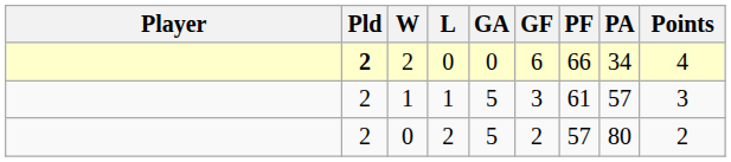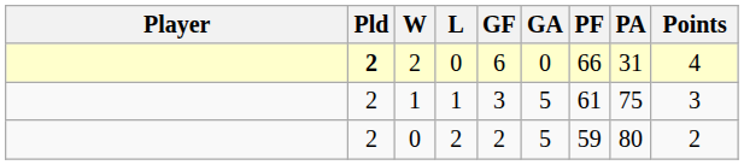 <table class=wikitable style="text-align:center;">
 <tr>
 <th width=220>Player</th>
 <th width=20>Pld</th>
 <th width=20>W</th>
 <th width=20>L</th>
+<th width=20>GF</th>
 <th width=20>GA</th>
-<th width=20>GF</th>
 <th width=20>PF</th>
 <th width=20>PA</th>
 <th width=50>Points</th>
 </tr>
 <tr bgcolor=#ffffcc>
 <td style="text-align:left;"></td>
 <td><strong>2</strong></td>
 <td>2</td>
 <td>0</td>
+<td>6</td>
 <td>0</td>
-<td>6</td>
 <td>66</td>
-<td>34</td>
+<td>31</td>
 <td>4</td>
 </tr>
 <tr>
 <td style="text-align:left;"></td>
 <td>2</td>
 <td>1</td>
 <td>1</td>
+<td>3</td>
 <td>5</td>
-<td>3</td>
 <td>61</td>
-<td>57</td>
+<td>75</td>
 <td>3</td>
 </tr>
 <tr>
 <td style="text-align:left;"></td>
 <td>2</td>
 <td>0</td>
 <td>2</td>
+<td>2</td>
 <td>5</td>
-<td>2</td>
-<td>57</td>
+<td>59</td>
 <td>80</td>
 <td>2</td>
 </tr>
 </table>
